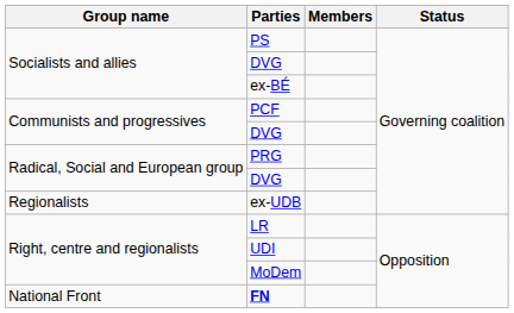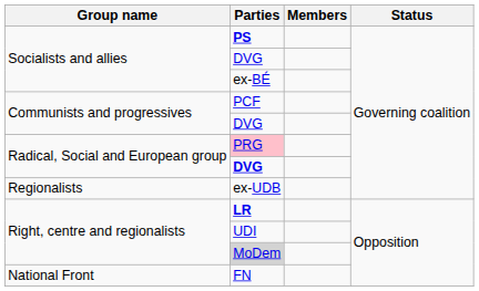 <table class="wikitable centre">
 <tr>
 <th>Group name</th>
 <th>Parties</th>
 <th>Members</th>
 <th>Status</th>
 </tr>
 <tr>
 <td rowspan=3>Socialists and allies</td>
-<td><a href='#'>PS</a></td>
+<td><strong><a href='#'>PS</a></strong></td>
 <td></td>
 <td rowspan=8>Governing coalition</td>
 </tr>
 <tr>
 <td><a href='#'>DVG</a></td>
 <td></td>
 </tr>
 <tr>
 <td>ex-<a href='#'>BÉ</a></td>
 <td></td>
 </tr>
 <tr>
 <td rowspan=2>Communists and progressives</td>
 <td><a href='#'>PCF</a></td>
 <td></td>
 </tr>
 <tr>
 <td><a href='#'>DVG</a></td>
 <td></td>
 </tr>
 <tr>
 <td rowspan=2>Radical, Social and European group</td>
-<td><a href='#'>PRG</a></td>
+<td style="background: pink;"><a href='#'>PRG</a></td>
 <td></td>
 </tr>
 <tr>
-<td><a href='#'>DVG</a></td>
+<td><strong><a href='#'>DVG</a></strong></td>
 <td></td>
 </tr>
 <tr>
 <td>Regionalists</td>
 <td>ex-<a href='#'>UDB</a></td>
 <td></td>
 </tr>
 <tr>
 <td rowspan=3>Right, centre and regionalists</td>
-<td><a href='#'>LR</a></td>
+<td><strong><a href='#'>LR</a></strong></td>
 <td></td>
 <td rowspan=4>Opposition</td>
 </tr>
 <tr>
 <td><a href='#'>UDI</a></td>
 <td></td>
 </tr>
 <tr>
-<td><a href='#'>MoDem</a></td>
+<td style="background: lightgrey;"><a href='#'>MoDem</a></td>
 <td></td>
 </tr>
 <tr>
 <td>National Front</td>
-<td><strong><a href='#'>FN</a></strong></td>
+<td><a href='#'>FN</a></td>
 <td></td>
 </tr>
 </table>
